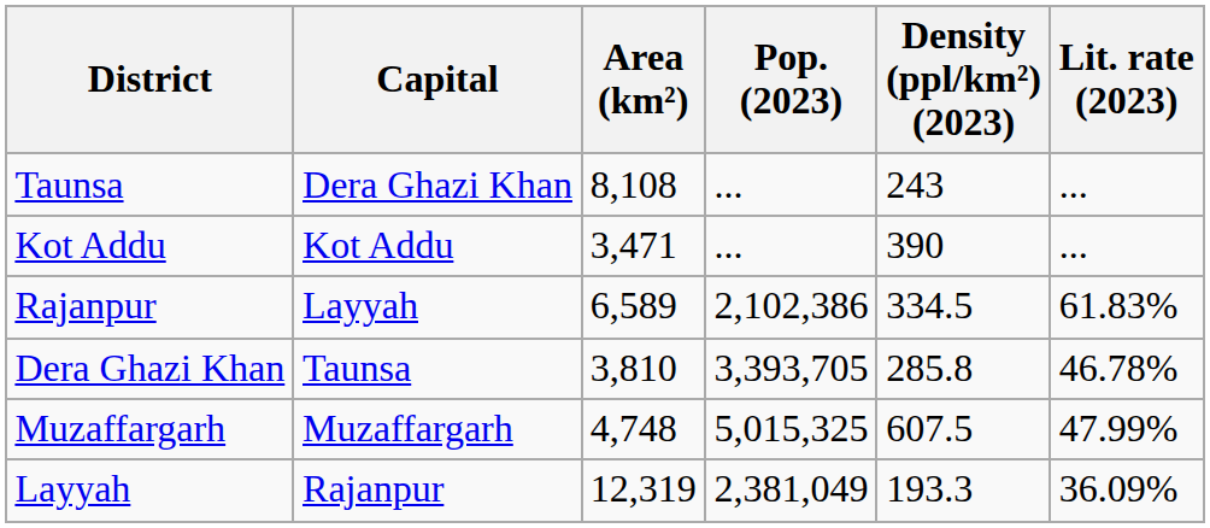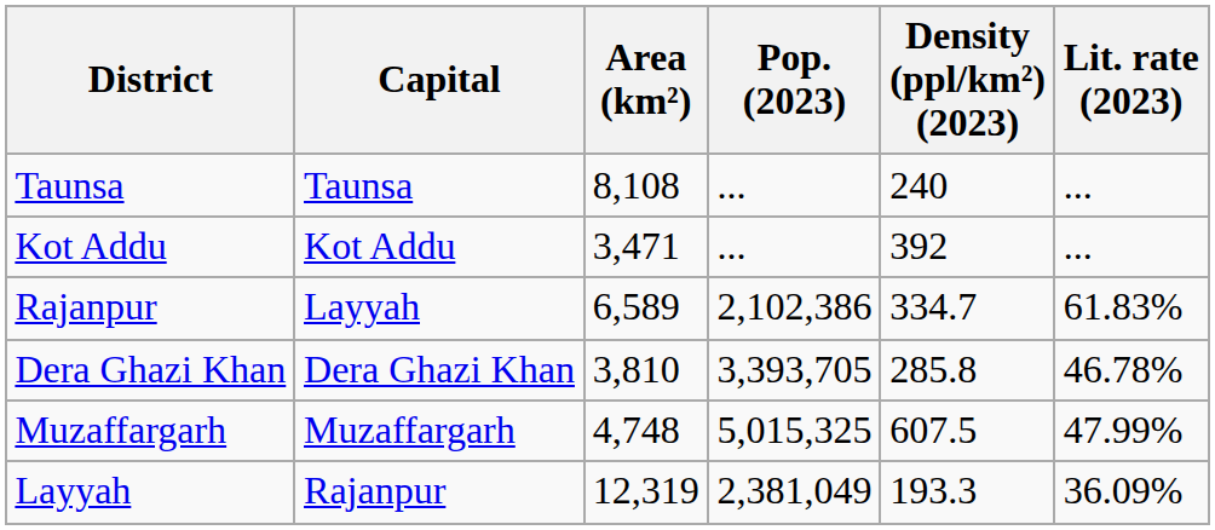 <table class="wikitable sortable static-row-numbers static-row-header-hash">
 <tr>
 <th>District</th>
 <th>Capital</th>
 <th>Area<br>(km²)</th>
 <th>Pop.<br>(2023)</th>
 <th>Density<br>(ppl/km²)<br>(2023)</th>
 <th>Lit. rate<br>(2023)</th>
 </tr>
 <tr>
 <td><a href='#'>Taunsa</a></td>
-<td><a href='#'>Dera Ghazi Khan</a></td>
+<td><a href='#'>Taunsa</a></td>
 <td>8,108</td>
 <td>...</td>
-<td>243</td>
+<td>240</td>
 <td>...</td>
 </tr>
 <tr>
 <td><a href='#'>Kot Addu</a></td>
 <td><a href='#'>Kot Addu</a></td>
 <td>3,471</td>
 <td>...</td>
-<td>390</td>
+<td>392</td>
 <td>...</td>
 </tr>
 <tr>
 <td><a href='#'>Rajanpur</a></td>
 <td><a href='#'>Layyah</a></td>
 <td>6,589</td>
 <td>2,102,386</td>
-<td>334.5</td>
+<td>334.7</td>
 <td>61.83%</td>
 </tr>
 <tr>
 <td><a href='#'>Dera Ghazi Khan</a></td>
-<td><a href='#'>Taunsa</a></td>
+<td><a href='#'>Dera Ghazi Khan</a></td>
 <td>3,810</td>
 <td>3,393,705</td>
 <td>285.8</td>
 <td>46.78%</td>
 </tr>
 <tr>
 <td><a href='#'>Muzaffargarh</a></td>
 <td><a href='#'>Muzaffargarh</a></td>
 <td>4,748</td>
 <td>5,015,325</td>
 <td>607.5</td>
 <td>47.99%</td>
 </tr>
 <tr>
 <td><a href='#'>Layyah</a></td>
 <td><a href='#'>Rajanpur</a></td>
 <td>12,319</td>
 <td>2,381,049</td>
 <td>193.3</td>
 <td>36.09%</td>
 </tr>
 </table>
